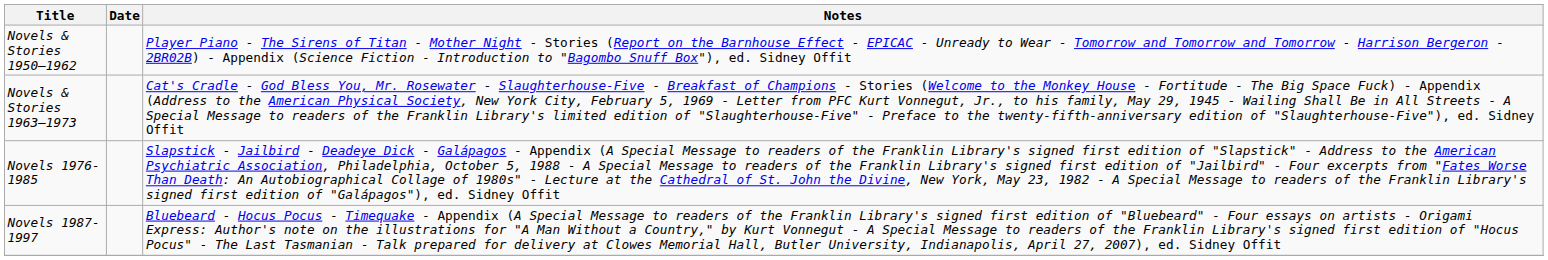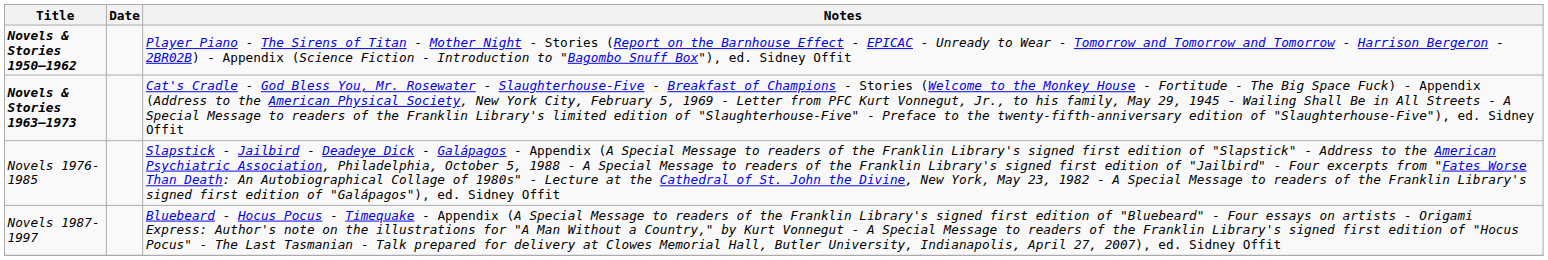 <table class="wikitable sortable" border="1">
 <tr>
 <th>Title</th>
 <th>Date</th>
 <th>Notes</th>
 </tr>
 <tr>
-<td><em>Novels & Stories 1950–1962</em></td>
+<td><strong><em>Novels & Stories 1950–1962</em></strong></td>
 <td></td>
 <td><em><a href='#'>Player Piano</a></em> - <em><a href='#'>The Sirens of Titan</a></em> - <em><a href='#'>Mother Night</a></em> - Stories (<em><a href='#'>Report on the Barnhouse Effect</a></em> - <em><a href='#'>EPICAC</a></em> - <em>Unready to Wear</em> - <em><a href='#'>Tomorrow and Tomorrow and Tomorrow</a></em> - <em><a href='#'>Harrison Bergeron</a></em> - <em><a href='#'>2BR02B</a></em>) - Appendix (<em>Science Fiction</em> - <em>Introduction to "<a href='#'>Bagombo Snuff Box</a>"</em>), ed. Sidney Offit</td>
 </tr>
 <tr>
-<td><em>Novels & Stories 1963–1973</em></td>
+<td><strong><em>Novels & Stories 1963–1973</em></strong></td>
 <td></td>
 <td><em><a href='#'>Cat's Cradle</a></em> - <em><a href='#'>God Bless You, Mr. Rosewater</a></em> - <em><a href='#'>Slaughterhouse-Five</a></em> - <em><a href='#'>Breakfast of Champions</a></em> - Stories (<em><a href='#'>Welcome to the Monkey House</a></em> - <em>Fortitude</em> - <em>The Big Space Fuck</em>) - Appendix (<em>Address to the <a href='#'>American Physical Society</a>, New York City, February 5, 1969</em> - <em>Letter from PFC Kurt Vonnegut, Jr., to his family, May 29, 1945</em> - <em>Wailing Shall Be in All Streets</em> - <em>A Special Message to readers of the Franklin Library's limited edition of "Slaughterhouse-Five"</em> - <em>Preface to the twenty-fifth-anniversary edition of "Slaughterhouse-Five"</em>), ed. Sidney Offit</td>
 </tr>
 <tr>
 <td><em>Novels 1976-1985</em></td>
 <td></td>
 <td><em><a href='#'>Slapstick</a></em> - <em><a href='#'>Jailbird</a></em> - <em><a href='#'>Deadeye Dick</a></em> - <em><a href='#'>Galápagos</a></em> - Appendix (<em>A Special Message to readers of the Franklin Library's signed first edition of "Slapstick"</em> - <em>Address to the <a href='#'>American Psychiatric Association</a>, Philadelphia, October 5, 1988</em> - <em>A Special Message to readers of the Franklin Library's signed first edition of "Jailbird"</em> - <em>Four excerpts from "<a href='#'>Fates Worse Than Death</a>: An Autobiographical Collage of 1980s"</em> - <em>Lecture at the <a href='#'>Cathedral of St. John the Divine</a>, New York, May 23, 1982</em> - <em>A Special Message to readers of the Franklin Library's signed first edition of "Galápagos"</em>), ed. Sidney Offit</td>
 </tr>
 <tr>
 <td><em>Novels 1987-1997</em></td>
 <td></td>
 <td><em><a href='#'>Bluebeard</a></em> - <em><a href='#'>Hocus Pocus</a></em> - <em><a href='#'>Timequake</a></em> - Appendix (<em>A Special Message to readers of the Franklin Library's signed first edition of "Bluebeard"</em> - <em>Four essays on artists</em> - <em>Origami Express: Author's note on the illustrations for "A Man Without a Country," by Kurt Vonnegut</em> - <em>A Special Message to readers of the Franklin Library's signed first edition of "Hocus Pocus"</em> - <em>The Last Tasmanian</em> - <em>Talk prepared for delivery at Clowes Memorial Hall, Butler University, Indianapolis, April 27, 2007</em>), ed. Sidney Offit</td>
 </tr>
 <tr>
 </tr>
 </table>
